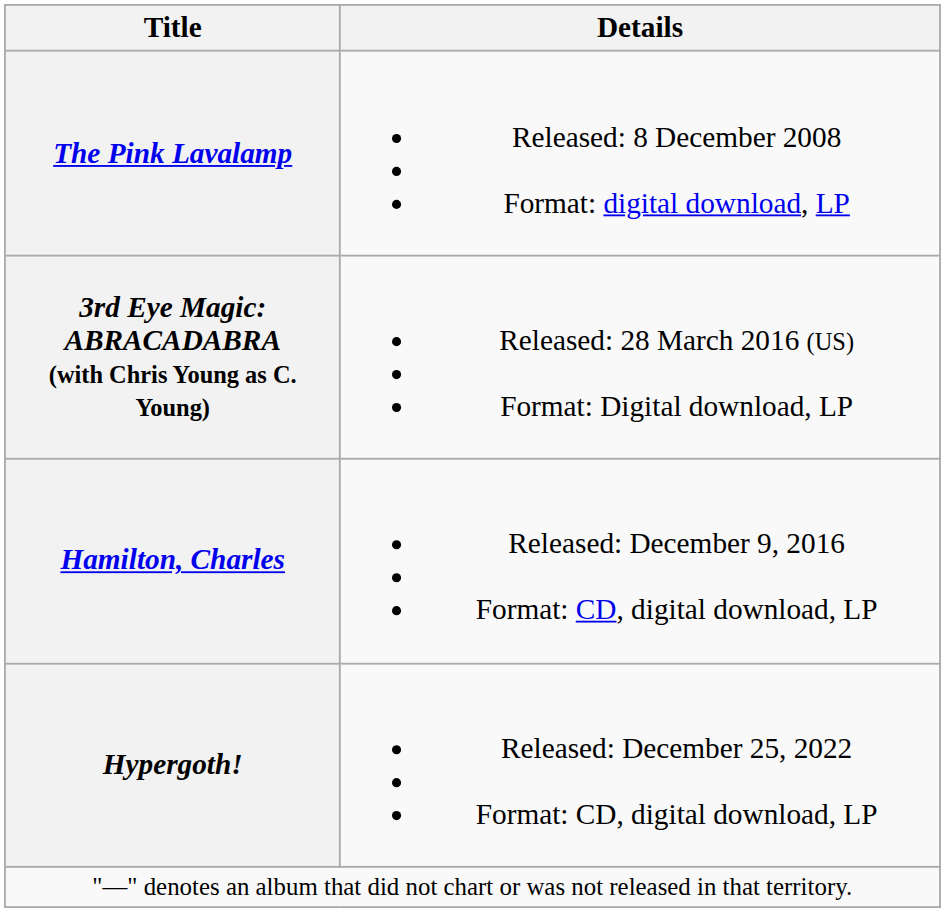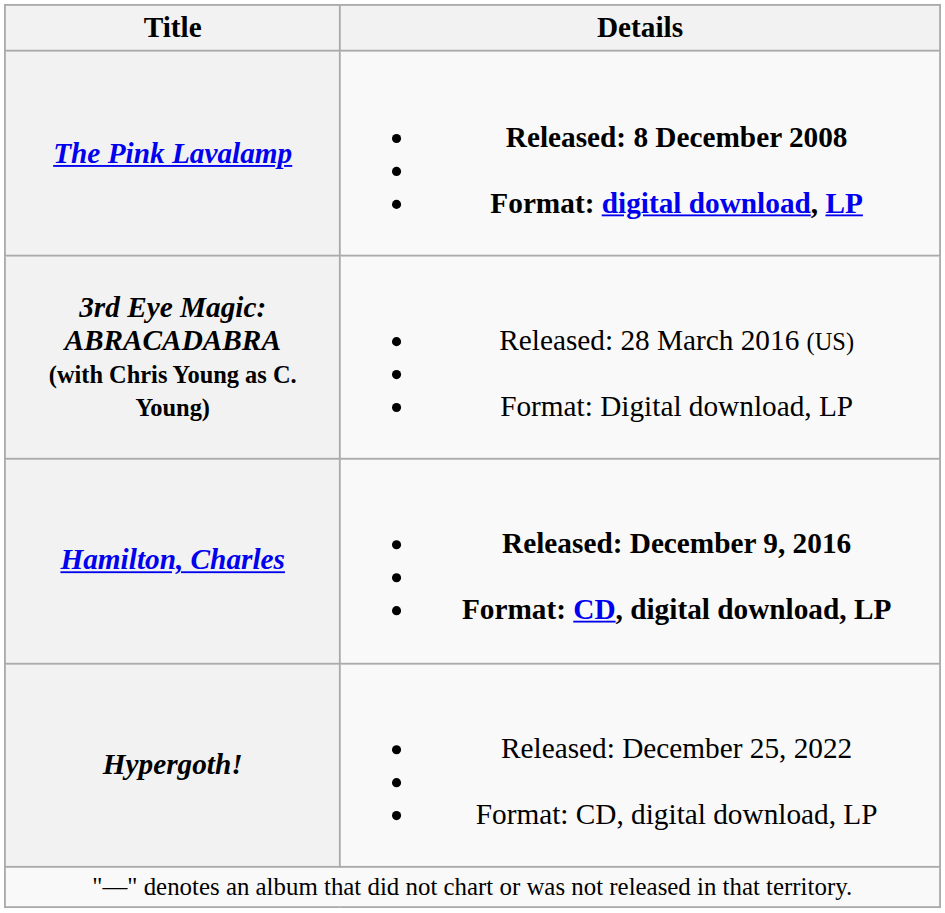 <table class="wikitable plainrowheaders" style="text-align:center;">
 <tr>
 <th scope="col" rowspan="1" style="width:11em;">Title</th>
 <th scope="col" rowspan="1" style="width:20em;">Details</th>
 </tr>
 <tr>
 <th scope="row"><em><a href='#'>The Pink Lavalamp</a></em></th>
-<td><br><ul><li>Released: 8 December 2008</li><li></li><li>Format: <a href='#'>digital download</a>, <a href='#'>LP</a></li></ul></td>
+<td><strong><br><ul><li>Released: 8 December 2008</li><li></li><li>Format: <a href='#'>digital download</a>, <a href='#'>LP</a></li></ul></strong></td>
 </tr>
 <tr>
 <th scope="row"><em>3rd Eye Magic: ABRACADABRA</em><br><small>(with Chris Young as C. Young)</small></th>
 <td><br><ul><li>Released: 28 March 2016 <small>(US)</small></li><li></li><li>Format: Digital download, LP</li></ul></td>
 </tr>
 <tr>
 <th scope="row"><em><a href='#'>Hamilton, Charles</a></em></th>
-<td><br><ul><li>Released: December 9, 2016</li><li></li><li>Format: <a href='#'>CD</a>, digital download, LP</li></ul></td>
+<td><strong><br><ul><li>Released: December 9, 2016</li><li></li><li>Format: <a href='#'>CD</a>, digital download, LP</li></ul></strong></td>
 </tr>
 <tr>
 <th scope="row"><em>Hypergoth!</em></th>
 <td><br><ul><li>Released: December 25, 2022</li><li></li><li>Format: CD, digital download, LP</li></ul></td>
 </tr>
 <tr>
 <td colspan="13" style="font-size:85%">"—" denotes an album that did not chart or was not released in that territory.</td>
 </tr>
 </table>
